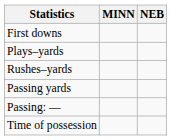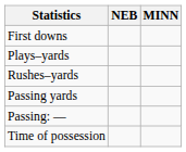 <table class="wikitable" style="float:left">
 <tr>
 <th>Statistics</th>
+<th>NEB</th>
 <th>MINN</th>
-<th>NEB</th>
 </tr>
 <tr>
 <td>First downs</td>
 <td></td>
 <td></td>
 </tr>
 <tr>
 <td>Plays–yards</td>
 <td></td>
 <td></td>
 </tr>
 <tr>
 <td>Rushes–yards</td>
 <td></td>
 <td></td>
 </tr>
 <tr>
 <td>Passing yards</td>
 <td></td>
 <td></td>
 </tr>
 <tr>
 <td>Passing: ––</td>
 <td></td>
 <td></td>
 </tr>
 <tr>
 <td>Time of possession</td>
 <td></td>
 <td></td>
 </tr>
 </table>
